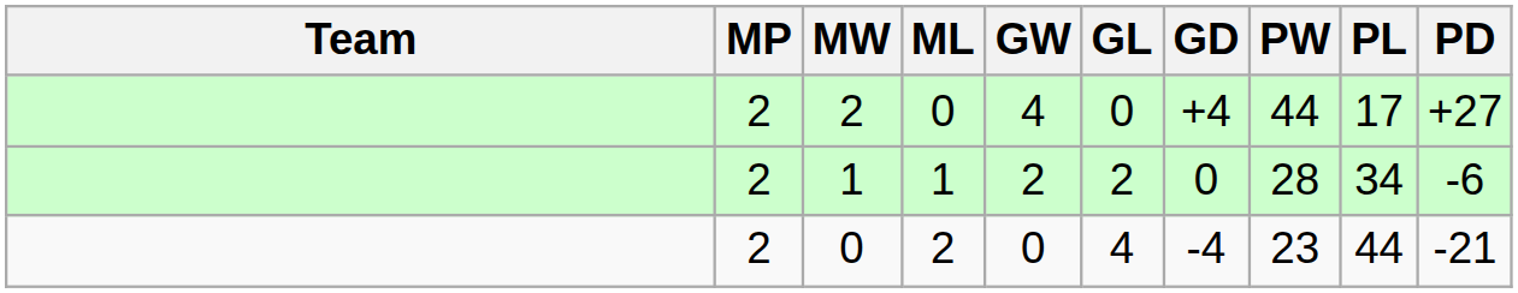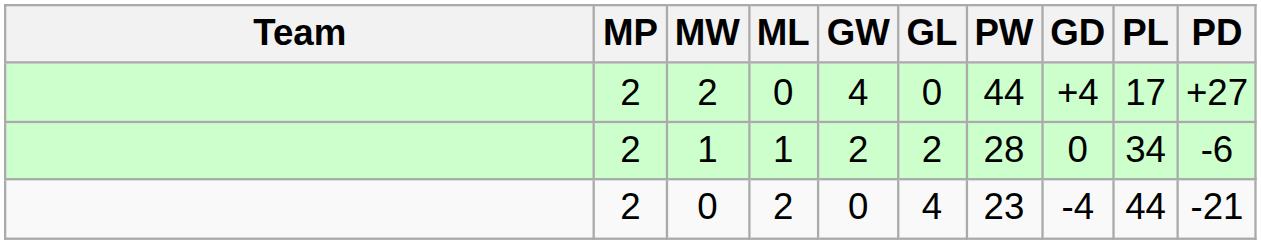 <table class=wikitable style="text-align:center">
 <tr>
 <th width=250>Team</th>
 <th width=20>MP</th>
 <th width=20>MW</th>
 <th width=20>ML</th>
 <th width=20>GW</th>
 <th width=20>GL</th>
+<th width=20>PW</th>
 <th width=20>GD</th>
-<th width=20>PW</th>
 <th width=20>PL</th>
 <th width=20>PD</th>
 </tr>
 <tr style="background:#cfc;">
 <td align=left><br></td>
 <td>2</td>
 <td>2</td>
 <td>0</td>
 <td>4</td>
 <td>0</td>
+<td>44</td>
 <td>+4</td>
-<td>44</td>
 <td>17</td>
 <td>+27</td>
 </tr>
 <tr style="background:#cfc;">
 <td align=left><br></td>
 <td>2</td>
 <td>1</td>
 <td>1</td>
 <td>2</td>
 <td>2</td>
+<td>28</td>
 <td>0</td>
-<td>28</td>
 <td>34</td>
 <td>-6</td>
 </tr>
 <tr>
 <td align=left><br></td>
 <td>2</td>
 <td>0</td>
 <td>2</td>
 <td>0</td>
 <td>4</td>
+<td>23</td>
 <td>-4</td>
-<td>23</td>
 <td>44</td>
 <td>-21</td>
 </tr>
 </table>
